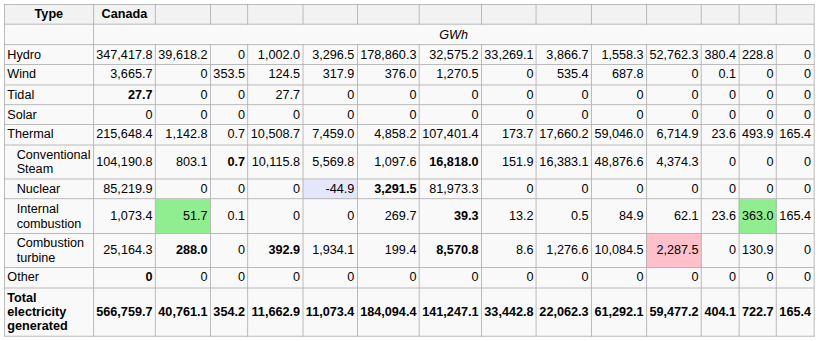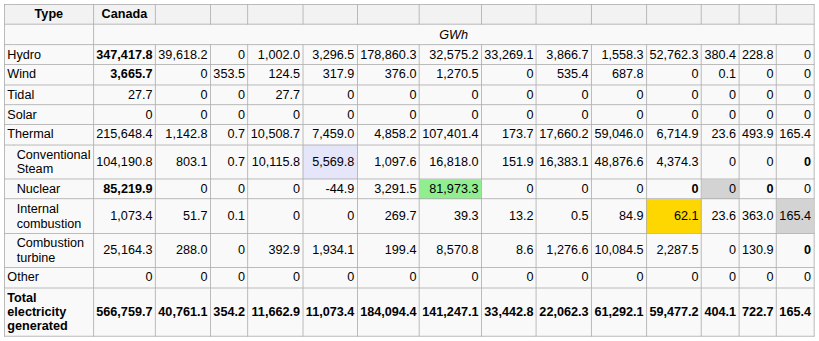 <table class="wikitable" style="text-align:right; width:98%;">
 <tr>
 <th width="16%" colspan=2>Type</th>
 <th width="6%">Canada</th>
 <th width="6%"></th>
 <th width="6%"></th>
 <th width="6%"></th>
 <th width="6%"></th>
 <th width="6%"></th>
 <th width="6%"></th>
 <th width="6%"></th>
 <th width="6%"></th>
 <th width="6%"></th>
 <th width="6%"></th>
 <th width="6%"></th>
 <th width="6%"></th>
 <th width="6%"></th>
 </tr>
 <tr>
 <td colspan=2> </td>
 <td colspan=14 align="center"><em>GWh</em></td>
 </tr>
 <tr>
 <td style="text-align:left;" colspan=2>Hydro</td>
-<td>347,417.8</td>
+<td><strong>347,417.8</strong></td>
 <td>39,618.2</td>
 <td>0</td>
 <td>1,002.0</td>
 <td>3,296.5</td>
 <td>178,860.3</td>
 <td>32,575.2</td>
 <td>33,269.1</td>
 <td>3,866.7</td>
 <td>1,558.3</td>
 <td>52,762.3</td>
 <td>380.4</td>
 <td>228.8</td>
 <td>0</td>
 </tr>
 <tr>
 <td style="text-align:left;" colspan=2>Wind</td>
-<td>3,665.7</td>
+<td><strong>3,665.7</strong></td>
 <td>0</td>
 <td>353.5</td>
 <td>124.5</td>
 <td>317.9</td>
 <td>376.0</td>
 <td>1,270.5</td>
 <td>0</td>
 <td>535.4</td>
 <td>687.8</td>
 <td>0</td>
 <td>0.1</td>
 <td>0</td>
 <td>0</td>
 </tr>
 <tr>
 <td style="text-align:left;" colspan=2>Tidal</td>
-<td><strong>27.7</strong></td>
+<td>27.7</td>
 <td>0</td>
 <td>0</td>
 <td>27.7</td>
 <td>0</td>
 <td>0</td>
 <td>0</td>
 <td>0</td>
 <td>0</td>
 <td>0</td>
 <td>0</td>
 <td>0</td>
 <td>0</td>
 <td>0</td>
 </tr>
 <tr>
 <td style="text-align:left;" colspan=2>Solar</td>
 <td>0</td>
 <td>0</td>
 <td>0</td>
 <td>0</td>
 <td>0</td>
 <td>0</td>
 <td>0</td>
 <td>0</td>
 <td>0</td>
 <td>0</td>
 <td>0</td>
 <td>0</td>
 <td>0</td>
 <td>0</td>
 </tr>
 <tr>
 <td style="text-align:left;" colspan=2>Thermal</td>
 <td>215,648.4</td>
 <td>1,142.8</td>
 <td>0.7</td>
 <td>10,508.7</td>
 <td>7,459.0</td>
 <td>4,858.2</td>
 <td>107,401.4</td>
 <td>173.7</td>
 <td>17,660.2</td>
 <td>59,046.0</td>
 <td>6,714.9</td>
 <td>23.6</td>
 <td>493.9</td>
 <td>165.4</td>
 </tr>
 <tr>
 <td scope="col" style="width:2%; border-right-color:transparent;"> </td>
 <td style="text-align:left; width=14%">Conventional Steam</td>
 <td>104,190.8</td>
 <td>803.1</td>
-<td><strong>0.7</strong></td>
+<td>0.7</td>
 <td>10,115.8</td>
-<td>5,569.8</td>
+<td style="background: lavender;">5,569.8</td>
 <td>1,097.6</td>
-<td><strong>16,818.0</strong></td>
+<td>16,818.0</td>
 <td>151.9</td>
 <td>16,383.1</td>
 <td>48,876.6</td>
 <td>4,374.3</td>
 <td>0</td>
 <td>0</td>
-<td>0</td>
+<td><strong>0</strong></td>
 </tr>
 <tr>
 <td scope="col" style="width:2%; border-right-color:transparent;"> </td>
 <td style="text-align:left; width=14%">Nuclear</td>
-<td>85,219.9</td>
+<td><strong>85,219.9</strong></td>
 <td>0</td>
 <td>0</td>
 <td>0</td>
-<td style="background: lavender;">-44.9</td>
-<td><strong>3,291.5</strong></td>
-<td>81,973.3</td>
+<td>-44.9</td>
+<td>3,291.5</td>
+<td style="background: lightgreen;">81,973.3</td>
 <td>0</td>
 <td>0</td>
 <td>0</td>
-<td>0</td>
-<td>0</td>
-<td>0</td>
+<td><strong>0</strong></td>
+<td style="background: lightgrey;">0</td>
+<td><strong>0</strong></td>
 <td>0</td>
 </tr>
 <tr>
 <td scope="col" style="width:2%; border-right-color:transparent;"> </td>
 <td style="text-align:left; width=14%">Internal combustion</td>
 <td>1,073.4</td>
-<td style="background: lightgreen;">51.7</td>
+<td>51.7</td>
 <td>0.1</td>
 <td>0</td>
 <td>0</td>
 <td>269.7</td>
-<td><strong>39.3</strong></td>
+<td>39.3</td>
 <td>13.2</td>
 <td>0.5</td>
 <td>84.9</td>
-<td>62.1</td>
+<td style="background: gold;">62.1</td>
 <td>23.6</td>
-<td style="background: lightgreen;">363.0</td>
-<td>165.4</td>
+<td>363.0</td>
+<td style="background: lightgrey;">165.4</td>
 </tr>
 <tr>
 <td scope="col" style="width:2%; border-right-color:transparent;"> </td>
 <td style="text-align:left; width=14%">Combustion turbine</td>
 <td>25,164.3</td>
-<td><strong>288.0</strong></td>
+<td>288.0</td>
 <td>0</td>
-<td><strong>392.9</strong></td>
+<td>392.9</td>
 <td>1,934.1</td>
 <td>199.4</td>
-<td><strong>8,570.8</strong></td>
+<td>8,570.8</td>
 <td>8.6</td>
 <td>1,276.6</td>
 <td>10,084.5</td>
-<td style="background: pink;">2,287.5</td>
+<td>2,287.5</td>
 <td>0</td>
 <td>130.9</td>
-<td>0</td>
+<td><strong>0</strong></td>
 </tr>
 <tr>
 <td style="text-align:left;" colspan=2>Other</td>
-<td><strong>0</strong></td>
+<td>0</td>
 <td>0</td>
 <td>0</td>
 <td>0</td>
 <td>0</td>
 <td>0</td>
 <td>0</td>
 <td>0</td>
 <td>0</td>
 <td>0</td>
 <td>0</td>
 <td>0</td>
 <td>0</td>
 <td>0</td>
 </tr>
 <tr style="font-weight:bold;">
 <td style="text-align:left;" colspan=2>Total electricity  generated</td>
 <td>566,759.7</td>
 <td>40,761.1</td>
 <td>354.2</td>
 <td>11,662.9</td>
 <td>11,073.4</td>
 <td>184,094.4</td>
 <td>141,247.1</td>
 <td>33,442.8</td>
 <td>22,062.3</td>
 <td>61,292.1</td>
 <td>59,477.2</td>
 <td>404.1</td>
 <td>722.7</td>
 <td>165.4</td>
 </tr>
 </table>
